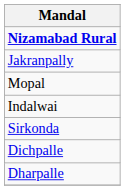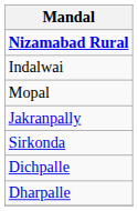 <table class="wikitable sortable static-row-numbers static-row-header-hash">
 <tr>
 <th>Mandal</th>
 </tr>
 <tr>
 <td><strong><a href='#'>Nizamabad Rural</a></strong></td>
 </tr>
 <tr>
-<td><a href='#'>Jakranpally</a></td>
+<td>Indalwai</td>
 </tr>
 <tr>
 <td>Mopal</td>
 </tr>
 <tr>
-<td>Indalwai</td>
+<td><a href='#'>Jakranpally</a></td>
 </tr>
 <tr>
 <td><a href='#'>Sirkonda</a></td>
 </tr>
 <tr>
 <td><a href='#'>Dichpalle</a></td>
 </tr>
 <tr>
 <td><a href='#'>Dharpalle</a></td>
 </tr>
 <tr>
 </tr>
 </table>
